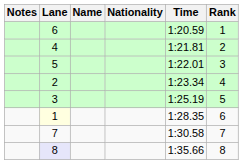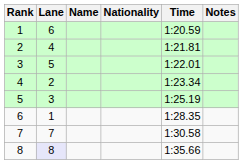 <table class="wikitable sortable" style="text-align:center">
 <tr>
-<th>Notes</th>
+<th>Rank</th>
 <th>Lane</th>
 <th>Name</th>
 <th>Nationality</th>
 <th>Time</th>
-<th>Rank</th>
+<th>Notes</th>
 </tr>
 <tr bgcolor=ccffcc>
-<td><strong></strong></td>
+<td>1</td>
 <td>6</td>
 <td align=left></td>
 <td align=left></td>
 <td>1:20.59</td>
-<td>1</td>
+<td><strong></strong></td>
 </tr>
 <tr bgcolor=ccffcc>
-<td><strong></strong></td>
+<td>2</td>
 <td>4</td>
 <td align=left></td>
 <td align=left></td>
 <td>1:21.81</td>
-<td>2</td>
+<td><strong></strong></td>
 </tr>
 <tr bgcolor=ccffcc>
-<td><strong></strong></td>
+<td>3</td>
 <td>5</td>
 <td align=left></td>
 <td align=left></td>
 <td>1:22.01</td>
-<td>3</td>
+<td><strong></strong></td>
 </tr>
 <tr bgcolor=ccffcc>
-<td><strong></strong></td>
+<td>4</td>
 <td>2</td>
 <td align=left></td>
 <td align=left></td>
 <td>1:23.34</td>
-<td>4</td>
+<td><strong></strong></td>
 </tr>
 <tr bgcolor=ccffcc>
-<td><strong></strong></td>
+<td>5</td>
 <td>3</td>
 <td align=left></td>
 <td align=left></td>
 <td>1:25.19</td>
-<td>5</td>
+<td><strong></strong></td>
 </tr>
 <tr>
-<td></td>
-<td style="background: lightyellow;">1</td>
+<td>6</td>
+<td>1</td>
 <td align=left></td>
 <td align=left></td>
 <td>1:28.35</td>
-<td>6</td>
+<td></td>
 </tr>
 <tr>
-<td></td>
+<td>7</td>
 <td>7</td>
 <td align=left></td>
 <td align=left></td>
 <td>1:30.58</td>
-<td>7</td>
+<td></td>
 </tr>
 <tr>
-<td></td>
+<td>8</td>
 <td style="background: lavender;">8</td>
 <td align=left></td>
 <td align=left></td>
 <td>1:35.66</td>
-<td>8</td>
+<td></td>
 </tr>
 </table>
